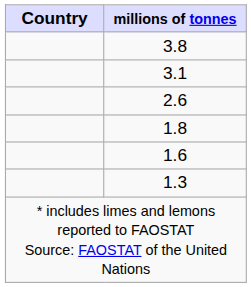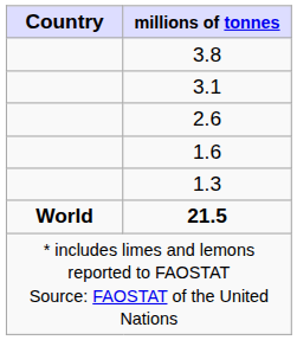 <table class="wikitable" style="float:right; clear:left; width:14em; text-align:center;">
 <tr>
 <th style="background:#ddf">Country</th>
 <th style="background:#ddf"><small>millions of <a href='#'>tonnes</a></small></th>
 </tr>
 <tr>
 <td></td>
 <td>3.8</td>
 </tr>
 <tr>
 <td></td>
 <td>3.1</td>
 </tr>
 <tr>
 <td></td>
 <td>2.6</td>
 </tr>
 <tr>
 <td></td>
-<td>1.8</td>
-</tr>
-<tr>
-<td></td>
 <td>1.6</td>
 </tr>
 <tr>
 <td></td>
 <td>1.3</td>
 </tr>
 <tr>
+<td><strong>World</strong></td>
+<td><strong>21.5</strong></td>
+</tr>
+<tr>
 <td colspan=2><small>* includes limes and lemons reported to FAOSTAT</small><br><small>Source: <a href='#'>FAOSTAT</a> of the United Nations</small></td>
 </tr>
 </table>
